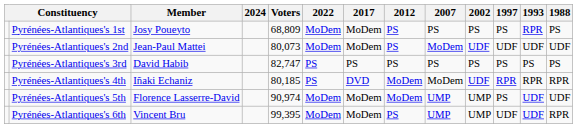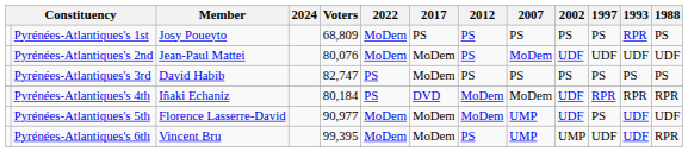 <table class="wikitable sortable">
 <tr>
 <th colspan="2">Constituency</th>
 <th>Member</th>
 <th>2024</th>
 <th>Voters</th>
 <th>2022</th>
 <th>2017</th>
 <th>2012</th>
 <th>2007</th>
 <th>2002</th>
 <th>1997</th>
 <th>1993</th>
 <th>1988</th>
 </tr>
 <tr>
 <td style="background-color: "></td>
 <td><a href='#'>Pyrénées-Atlantiques's 1st</a></td>
 <td><a href='#'>Josy Poueyto</a></td>
 <td></td>
 <td>68,809</td>
 <td><a href='#'>MoDem</a></td>
-<td>MoDem</td>
+<td>PS</td>
 <td><a href='#'>PS</a></td>
 <td>PS</td>
 <td>PS</td>
 <td>PS</td>
 <td><a href='#'>RPR</a></td>
 <td>PS</td>
 </tr>
 <tr>
 <td style="background-color: "></td>
 <td><a href='#'>Pyrénées-Atlantiques's 2nd</a></td>
 <td><a href='#'>Jean-Paul Mattei</a></td>
 <td></td>
-<td>80,073</td>
+<td>80,076</td>
 <td><a href='#'>MoDem</a></td>
 <td>MoDem</td>
 <td><a href='#'>PS</a></td>
 <td><a href='#'>MoDem</a></td>
 <td><a href='#'>UDF</a></td>
 <td>UDF</td>
 <td>UDF</td>
 <td>UDF</td>
 </tr>
 <tr>
 <td style="background-color: "></td>
 <td><a href='#'>Pyrénées-Atlantiques's 3rd</a></td>
 <td><a href='#'>David Habib</a></td>
 <td></td>
 <td>82,747</td>
 <td><a href='#'>PS</a></td>
-<td>PS</td>
+<td>MoDem</td>
 <td>PS</td>
 <td>PS</td>
 <td>PS</td>
 <td>PS</td>
 <td>PS</td>
 <td>PS</td>
 </tr>
 <tr>
 <td style="background-color: "></td>
 <td><a href='#'>Pyrénées-Atlantiques's 4th</a></td>
 <td><a href='#'>Iñaki Echaniz</a></td>
 <td></td>
-<td>80,185</td>
+<td>80,184</td>
 <td><a href='#'>PS</a></td>
 <td><a href='#'>DVD</a></td>
 <td><a href='#'>MoDem</a></td>
 <td>MoDem</td>
 <td><a href='#'>UDF</a></td>
 <td><a href='#'>RPR</a></td>
 <td>RPR</td>
 <td>RPR</td>
 </tr>
 <tr>
 <td style="background-color: "></td>
 <td><a href='#'>Pyrénées-Atlantiques's 5th</a></td>
 <td><a href='#'>Florence Lasserre-David</a></td>
 <td></td>
-<td>90,974</td>
+<td>90,977</td>
 <td><a href='#'>MoDem</a></td>
 <td>MoDem</td>
 <td><a href='#'>MoDem</a></td>
 <td><a href='#'>UMP</a></td>
-<td>UMP</td>
+<td><a href='#'>UDF</a></td>
 <td>PS</td>
 <td><a href='#'>UDF</a></td>
 <td>UDF</td>
 </tr>
 <tr>
 <td style="background-color: "></td>
 <td><a href='#'>Pyrénées-Atlantiques's 6th</a></td>
 <td><a href='#'>Vincent Bru</a></td>
 <td></td>
 <td>99,395</td>
 <td><a href='#'>MoDem</a></td>
 <td>MoDem</td>
 <td><a href='#'>PS</a></td>
 <td><a href='#'>UMP</a></td>
 <td>UMP</td>
 <td>UDF</td>
 <td><a href='#'>UDF</a></td>
 <td>RPR</td>
 </tr>
 </table>
